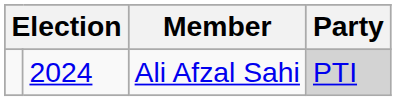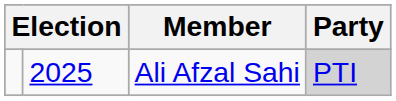 <table class="wikitable">
 <tr>
 <th colspan="2">Election</th>
 <th>Member</th>
 <th>Party</th>
 </tr>
 <tr>
 <td style="background-color: "></td>
-<td><a href='#'>2024</a></td>
+<td><a href='#'>2025</a></td>
 <td><a href='#'>Ali Afzal Sahi</a></td>
 <td style="background: lightgrey;"><a href='#'>PTI</a></td>
 </tr>
 </table>
